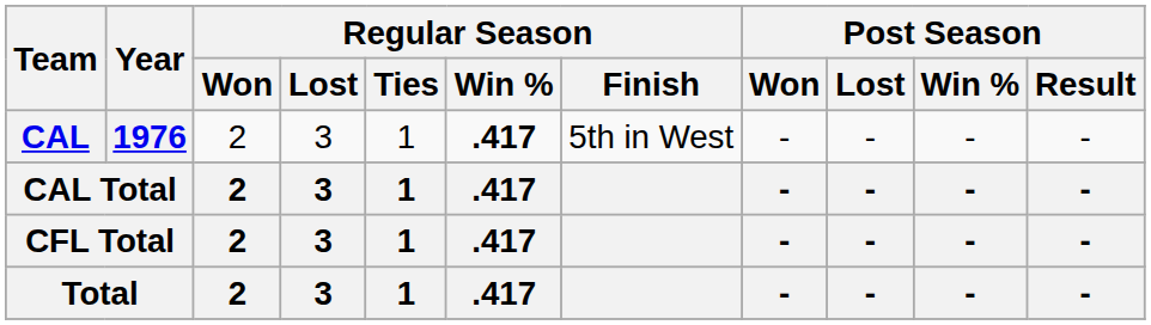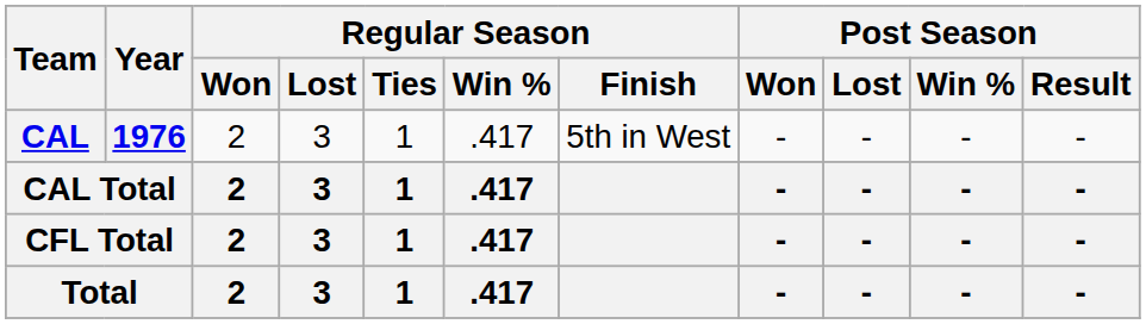 <table class="wikitable" style="font-size: 95%; text-align:center;">
 <tr>
 <th rowspan="2">Team</th>
 <th rowspan="2">Year</th>
 <th colspan="5">Regular Season</th>
 <th colspan="4">Post Season</th>
 </tr>
 <tr>
 <th>Won</th>
 <th>Lost</th>
 <th>Ties</th>
 <th>Win %</th>
 <th>Finish</th>
 <th>Won</th>
 <th>Lost</th>
 <th>Win %</th>
 <th>Result</th>
 </tr>
 <tr>
 <th><a href='#'>CAL</a></th>
 <th><a href='#'>1976</a></th>
 <td>2</td>
 <td>3</td>
 <td>1</td>
-<td><strong>.417</strong></td>
+<td>.417</td>
 <td>5th in West</td>
 <td>-</td>
 <td>-</td>
 <td>-</td>
 <td>-</td>
 </tr>
 <tr>
 <th colspan="2">CAL Total</th>
 <th>2</th>
 <th>3</th>
 <th>1</th>
 <th>.417</th>
 <th></th>
 <th>-</th>
 <th>-</th>
 <th>-</th>
 <th>-</th>
 </tr>
 <tr>
 <th colspan="2">CFL Total</th>
 <th>2</th>
 <th>3</th>
 <th>1</th>
 <th>.417</th>
 <th></th>
 <th>-</th>
 <th>-</th>
 <th>-</th>
 <th>-</th>
 </tr>
 <tr>
 <th colspan="2">Total</th>
 <th>2</th>
 <th>3</th>
 <th>1</th>
 <th>.417</th>
 <th></th>
 <th>-</th>
 <th>-</th>
 <th>-</th>
 <th>-</th>
 </tr>
 </table>
